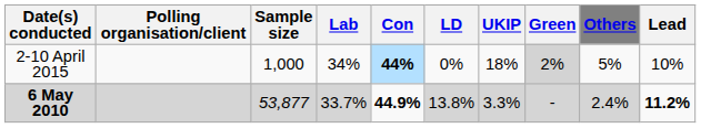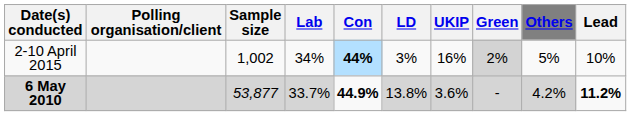 <table class="wikitable sortable" style="text-align:center;font-size:90%;line-height:14px">
 <tr>
 <th ! style="width:100px;">Date(s)<br>conducted</th>
 <th style="width:200px;">Polling organisation/client</th>
 <th class="unsortable" style="width:60px;">Sample size</th>
 <th class="unsortable" style="background:"><a href='#'><span>Lab</span></a></th>
 <th class="unsortable" style="background:"><a href='#'><span>Con</span></a></th>
 <th class="unsortable" style="background:"><a href='#'><span>LD</span></a></th>
 <th class="unsortable" style="background:"><a href='#'><span>UKIP</span></a></th>
 <th class="unsortable" style="background:"><a href='#'><span>Green</span></a></th>
 <th class="unsortable" style="background:gray; width:50px;"><a href='#'><span>Others</span></a></th>
 <th class="unsortable" style="width:90px;">Lead</th>
 </tr>
 <tr>
 <td>2-10 April 2015</td>
 <td> </td>
-<td>1,000</td>
+<td>1,002</td>
 <td>34%</td>
 <td style="background:#B3E0FF"><strong>44%</strong></td>
-<td>0%</td>
-<td>18%</td>
+<td>3%</td>
+<td>16%</td>
 <td style="background: lightgrey;">2%</td>
 <td>5%</td>
 <td style="background:">10%</td>
 </tr>
 <tr>
 <td style="background:#D5D5D5"><strong>6 May 2010</strong></td>
 <td style="background:#D5D5D5"></td>
 <td style="background:#D5D5D5"><em>53,877</em></td>
 <td style="background:#D5D5D5">33.7%</td>
 <td style="background:"><strong>44.9%</strong></td>
 <td style="background:#D5D5D5">13.8%</td>
-<td style="background:#D5D5D5">3.3%</td>
+<td style="background:#D5D5D5">3.6%</td>
 <td style="background:#D5D5D5">-</td>
-<td style="background:#D5D5D5">2.4%</td>
+<td style="background:#D5D5D5">4.2%</td>
 <td style="background:"><strong>11.2% </strong></td>
 </tr>
 </table>
